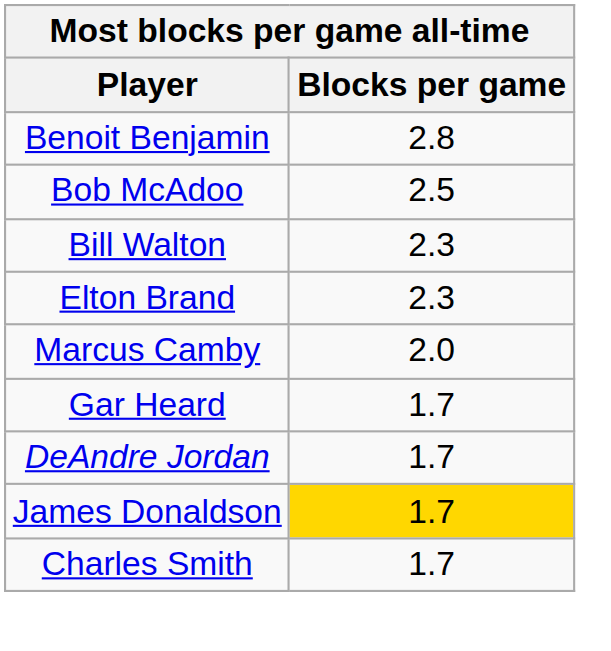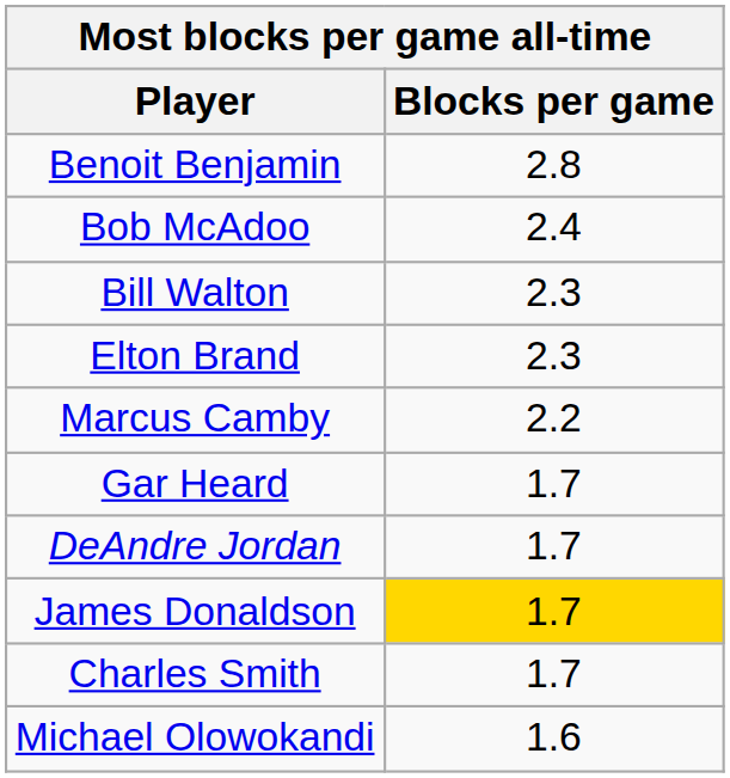 <table class="wikitable sortable" style="text-align:center">
 <tr>
 <th colspan="2">Most blocks per game all-time</th>
 </tr>
 <tr>
 <th>Player</th>
 <th>Blocks per game</th>
 </tr>
 <tr>
 <td><a href='#'>Benoit Benjamin</a></td>
 <td>2.8</td>
 </tr>
 <tr>
 <td><a href='#'>Bob McAdoo</a></td>
-<td>2.5</td>
+<td>2.4</td>
 </tr>
 <tr>
 <td><a href='#'>Bill Walton</a></td>
 <td>2.3</td>
 </tr>
 <tr>
 <td><a href='#'>Elton Brand</a></td>
 <td>2.3</td>
 </tr>
 <tr>
 <td><a href='#'>Marcus Camby</a></td>
-<td>2.0</td>
+<td>2.2</td>
 </tr>
 <tr>
 <td><a href='#'>Gar Heard</a></td>
 <td>1.7</td>
 </tr>
 <tr>
 <td><em><a href='#'>DeAndre Jordan</a></em></td>
 <td>1.7</td>
 </tr>
 <tr>
 <td><a href='#'>James Donaldson</a></td>
 <td style="background: gold;">1.7</td>
 </tr>
 <tr>
 <td><a href='#'>Charles Smith</a></td>
 <td>1.7</td>
 </tr>
+<tr>
+<td><a href='#'>Michael Olowokandi</a></td>
+<td>1.6</td>
+</tr>
 </table>
